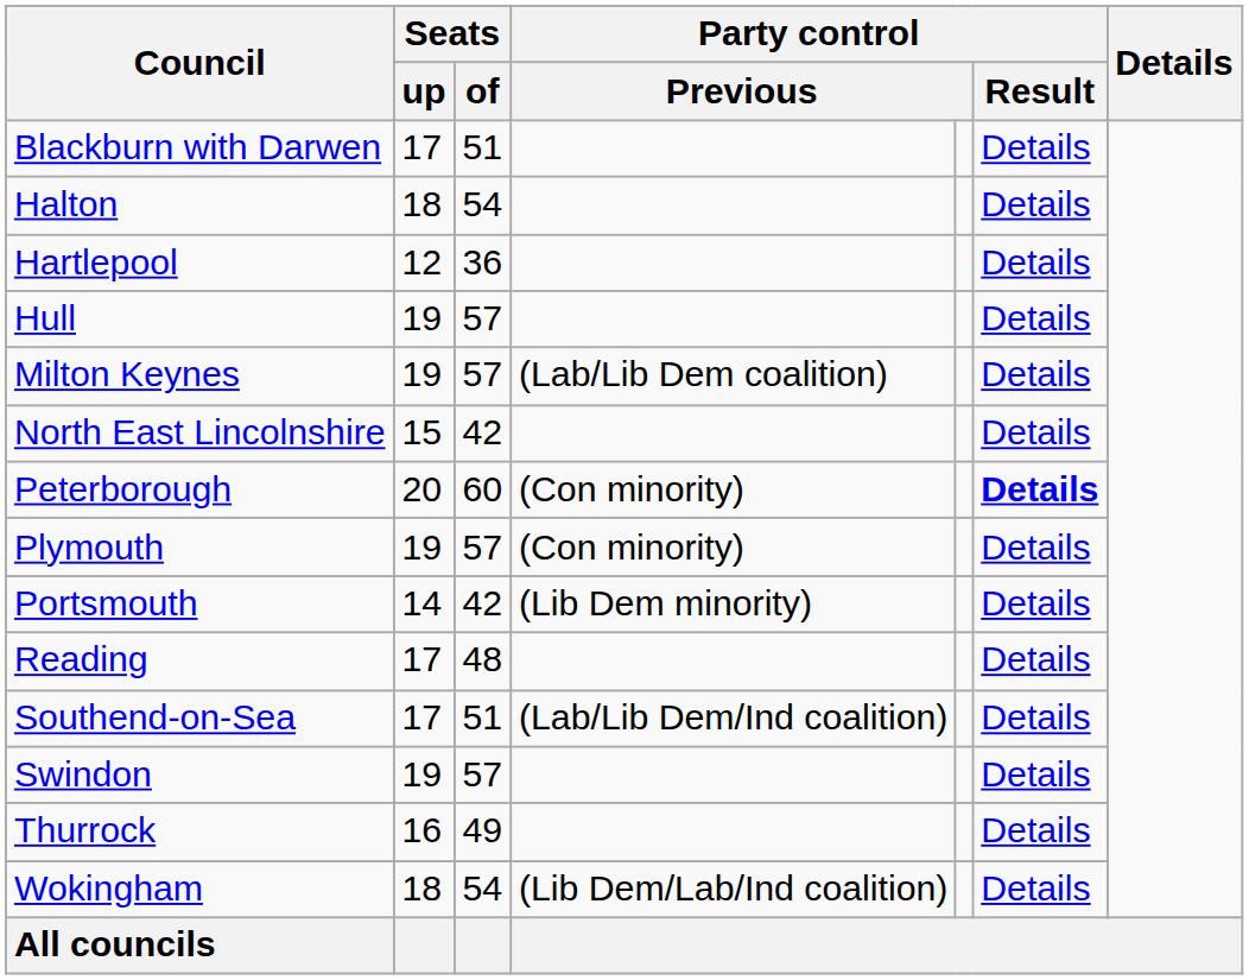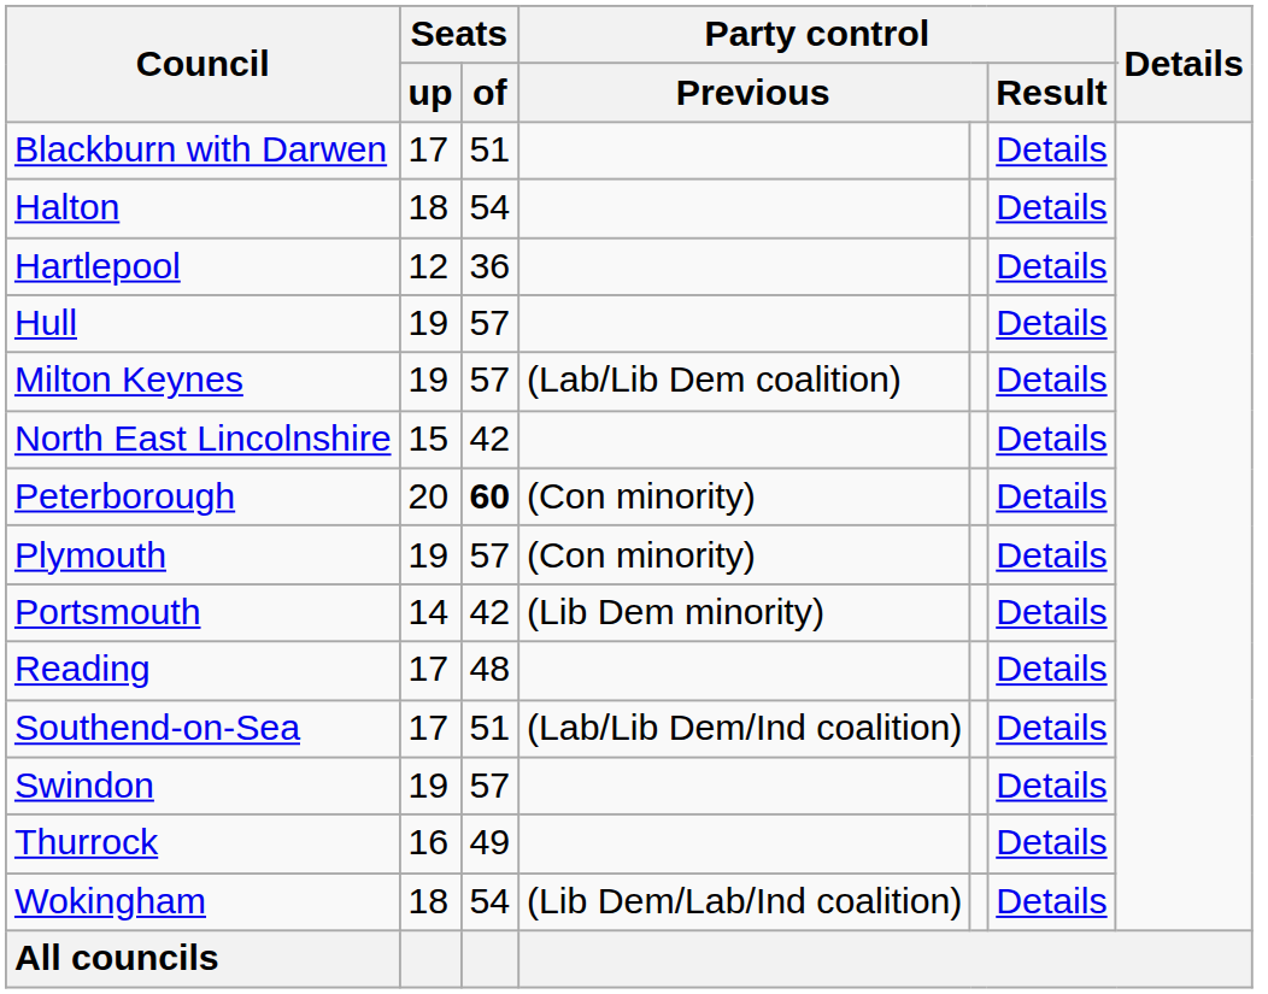 <table class="wikitable sortable">
 <tr>
 <th rowspan="2">Council</th>
 <th colspan="2">Seats</th>
 <th colspan="4">Party control</th>
 <th rowspan="2">Details</th>
 </tr>
 <tr>
 <th>up</th>
 <th>of</th>
 <th colspan="2">Previous</th>
 <th colspan="2">Result</th>
 </tr>
 <tr>
 <td><a href='#'>Blackburn with Darwen</a></td>
 <td>17</td>
 <td>51</td>
 <td></td>
 <td></td>
 <td><a href='#'>Details</a></td>
 </tr>
 <tr>
 <td><a href='#'>Halton</a></td>
 <td>18</td>
 <td>54</td>
 <td></td>
 <td></td>
 <td><a href='#'>Details</a></td>
 </tr>
 <tr>
 <td><a href='#'>Hartlepool</a></td>
 <td>12</td>
 <td>36</td>
 <td></td>
 <td></td>
 <td><a href='#'>Details</a></td>
 </tr>
 <tr>
 <td><a href='#'>Hull</a></td>
 <td>19</td>
 <td>57</td>
 <td></td>
 <td></td>
 <td><a href='#'>Details</a></td>
 </tr>
 <tr>
 <td><a href='#'>Milton Keynes</a></td>
 <td>19</td>
 <td>57</td>
 <td> (Lab/Lib Dem coalition)</td>
 <td></td>
 <td><a href='#'>Details</a></td>
 </tr>
 <tr>
 <td><a href='#'>North East Lincolnshire</a></td>
 <td>15</td>
 <td>42</td>
 <td></td>
 <td></td>
 <td><a href='#'>Details</a></td>
 </tr>
 <tr>
 <td><a href='#'>Peterborough</a></td>
 <td>20</td>
-<td>60</td>
+<td><strong>60</strong></td>
 <td> (Con minority)</td>
 <td></td>
-<td><strong><a href='#'>Details</a></strong></td>
+<td><a href='#'>Details</a></td>
 </tr>
 <tr>
 <td><a href='#'>Plymouth</a></td>
 <td>19</td>
 <td>57</td>
 <td> (Con minority)</td>
 <td></td>
 <td><a href='#'>Details</a></td>
 </tr>
 <tr>
 <td><a href='#'>Portsmouth</a></td>
 <td>14</td>
 <td>42</td>
 <td> (Lib Dem minority)</td>
 <td></td>
 <td><a href='#'>Details</a></td>
 </tr>
 <tr>
 <td><a href='#'>Reading</a></td>
 <td>17</td>
 <td>48</td>
 <td></td>
 <td></td>
 <td><a href='#'>Details</a></td>
 </tr>
 <tr>
 <td><a href='#'>Southend-on-Sea</a></td>
 <td>17</td>
 <td>51</td>
 <td> (Lab/Lib Dem/Ind coalition)</td>
 <td></td>
 <td><a href='#'>Details</a></td>
 </tr>
 <tr>
 <td><a href='#'>Swindon</a></td>
 <td>19</td>
 <td>57</td>
 <td></td>
 <td></td>
 <td><a href='#'>Details</a></td>
 </tr>
 <tr>
 <td><a href='#'>Thurrock</a></td>
 <td>16</td>
 <td>49</td>
 <td></td>
 <td></td>
 <td><a href='#'>Details</a></td>
 </tr>
 <tr>
 <td><a href='#'>Wokingham</a></td>
 <td>18</td>
 <td>54</td>
 <td> (Lib Dem/Lab/Ind coalition)</td>
 <td></td>
 <td><a href='#'>Details</a></td>
 </tr>
 <tr class="sortbottom">
 <th style="text-align:left;">All councils</th>
 <th></th>
 <th></th>
 <th colspan="5"></th>
 </tr>
 </table>
